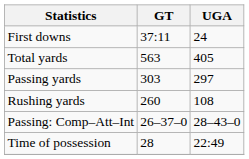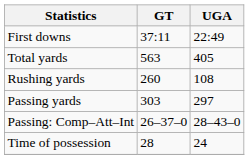 <table class="wikitable" style="float: left;">
 <tr>
 <th>Statistics</th>
 <th>GT</th>
 <th>UGA</th>
 </tr>
 <tr>
 <td>First downs</td>
 <td>37:11</td>
-<td>24</td>
+<td>22:49</td>
 </tr>
 <tr>
 <td>Total yards</td>
 <td>563</td>
 <td>405</td>
 </tr>
 <tr>
+<td>Rushing yards</td>
+<td>260</td>
+<td>108</td>
+</tr>
+<tr>
 <td>Passing yards</td>
 <td>303</td>
 <td>297</td>
-</tr>
-<tr>
-<td>Rushing yards</td>
-<td>260</td>
-<td>108</td>
 </tr>
 <tr>
 <td>Passing: Comp–Att–Int</td>
 <td>26–37–0</td>
 <td>28–43–0</td>
 </tr>
 <tr>
 <td>Time of possession</td>
 <td>28</td>
-<td>22:49</td>
+<td>24</td>
 </tr>
 <tr>
 </tr>
 </table>
